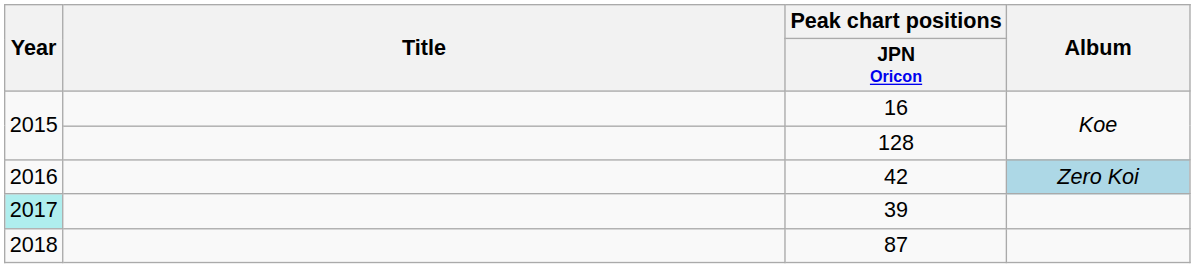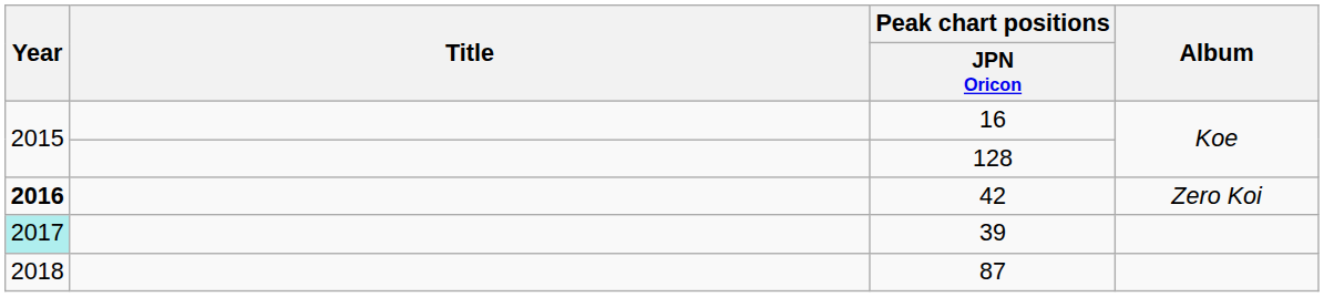 <table class="wikitable plainrowheaders" style="text-align:center;">
 <tr>
 <th scope="col" rowspan="2">Year</th>
 <th scope="col" rowspan="2" style="width:33em;">Title</th>
 <th scope="col" colspan="1">Peak chart positions</th>
 <th scope="col" rowspan="2" style="width:8em;">Album</th>
 </tr>
 <tr>
 <th scope="col" style="font-size:90%;">JPN<br><small><a href='#'>Oricon</a></small></th>
 </tr>
 <tr>
 <td rowspan="2">2015</td>
 <td scope="row"></td>
 <td>16</td>
 <td rowspan="2"><em>Koe</em></td>
 </tr>
 <tr>
 <td scope="row"></td>
 <td>128</td>
 </tr>
 <tr>
-<td>2016</td>
+<td><strong>2016</strong></td>
 <td scope="row"></td>
 <td>42</td>
-<td style="background: lightblue;"><em>Zero Koi</em></td>
+<td><em>Zero Koi</em></td>
 </tr>
 <tr>
 <td style="background: paleturquoise;">2017</td>
 <td scope="row"></td>
 <td>39</td>
 <td></td>
 </tr>
 <tr>
 <td>2018</td>
 <td scope="row"></td>
 <td>87</td>
 <td></td>
 </tr>
 </table>
